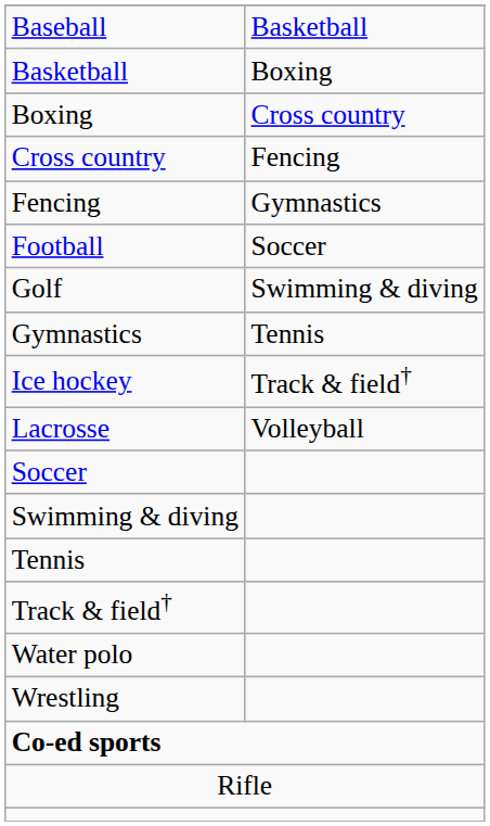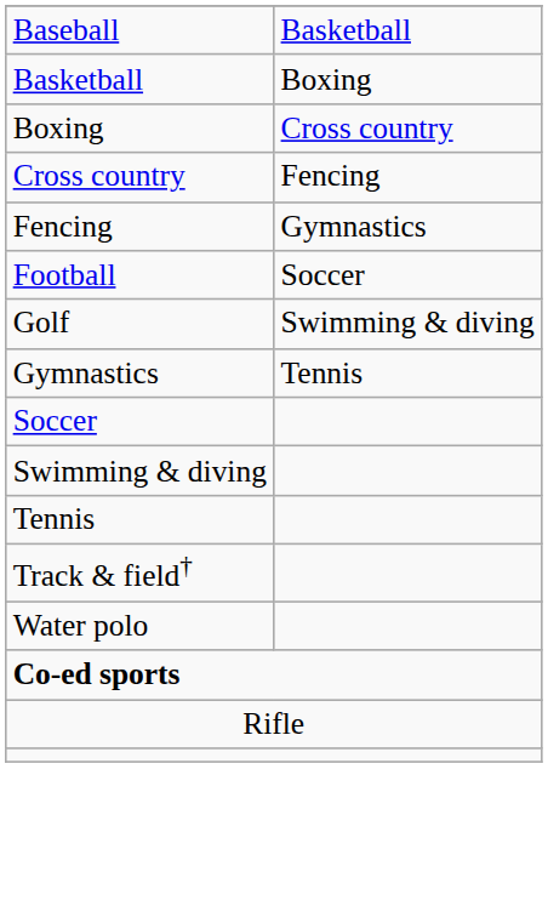 <table class="wikitable" style=" ">
 <tr>
 </tr>
 <tr>
 <td><a href='#'>Baseball</a></td>
 <td><a href='#'>Basketball</a></td>
 </tr>
 <tr>
 <td><a href='#'>Basketball</a></td>
 <td>Boxing</td>
 </tr>
 <tr>
 <td>Boxing</td>
 <td><a href='#'>Cross country</a></td>
 </tr>
 <tr>
 <td><a href='#'>Cross country</a></td>
 <td>Fencing</td>
 </tr>
 <tr>
 <td>Fencing</td>
 <td>Gymnastics</td>
 </tr>
 <tr>
 <td><a href='#'>Football</a></td>
 <td>Soccer</td>
 </tr>
 <tr>
 <td>Golf</td>
 <td>Swimming & diving</td>
 </tr>
 <tr>
 <td>Gymnastics</td>
 <td>Tennis</td>
 </tr>
 <tr>
-<td><a href='#'>Ice hockey</a></td>
-<td>Track & field<sup>†</sup></td>
-</tr>
-<tr>
-<td><a href='#'>Lacrosse</a></td>
-<td>Volleyball</td>
-</tr>
-<tr>
 <td><a href='#'>Soccer</a></td>
 <td></td>
 </tr>
 <tr>
 <td>Swimming & diving</td>
 <td></td>
 </tr>
 <tr>
 <td>Tennis</td>
 <td></td>
 </tr>
 <tr>
 <td>Track & field<sup>†</sup></td>
 <td></td>
 </tr>
 <tr>
 <td>Water polo</td>
 <td></td>
 </tr>
 <tr>
-<td>Wrestling</td>
-<td></td>
-</tr>
-<tr>
 <td colspan="2"><strong>Co-ed sports</strong></td>
 </tr>
 <tr style="text-align:center">
 <td colspan="2">Rifle</td>
 </tr>
 <tr>
 <td colspan="2"></td>
 </tr>
 </table>
